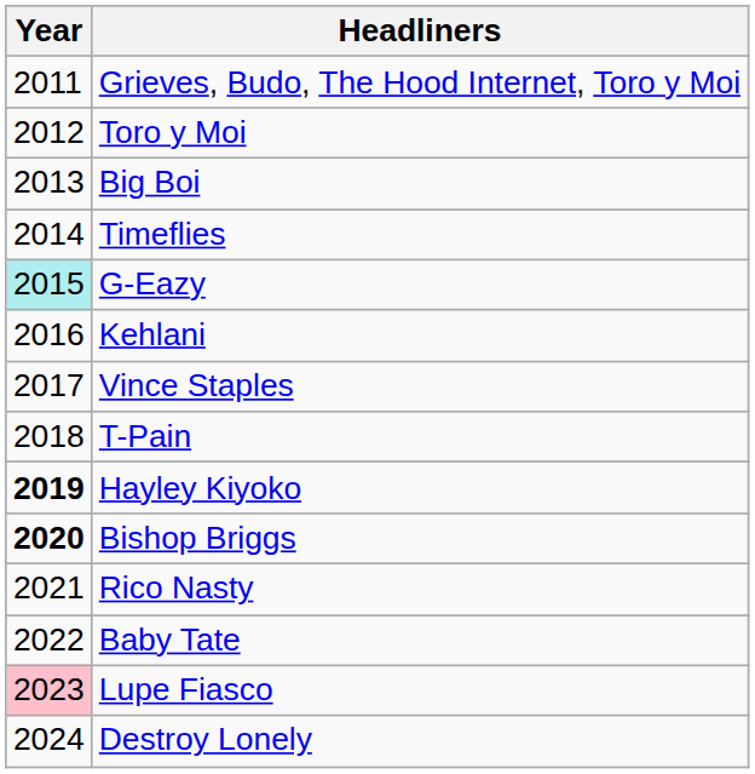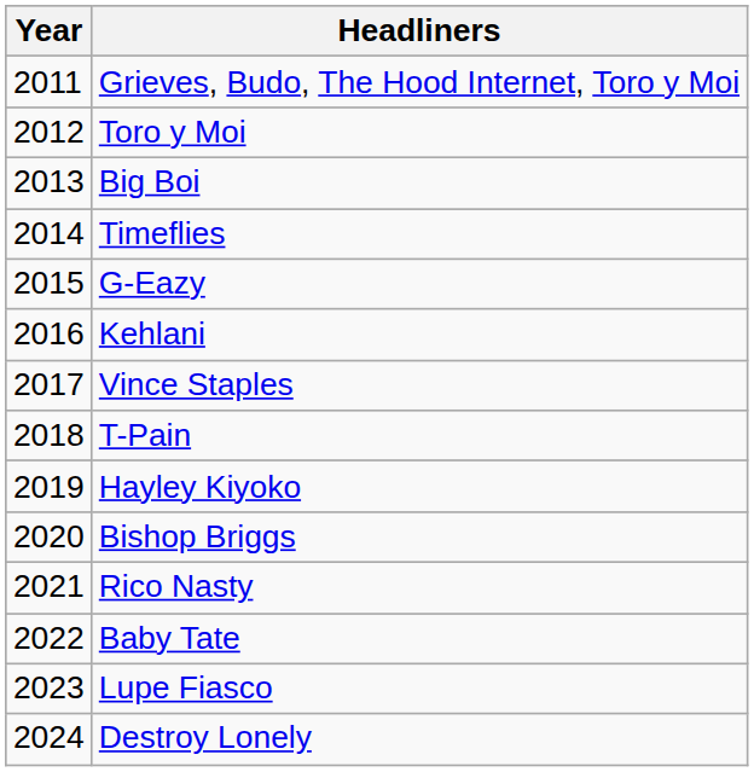 <table class="wikitable">
 <tr>
 <th>Year</th>
 <th>Headliners</th>
 </tr>
 <tr>
 <td>2011</td>
 <td><a href='#'>Grieves</a>, <a href='#'>Budo</a>, <a href='#'>The Hood Internet</a>, <a href='#'>Toro y Moi</a></td>
 </tr>
 <tr>
 <td>2012</td>
 <td><a href='#'>Toro y Moi</a></td>
 </tr>
 <tr>
 <td>2013</td>
 <td><a href='#'>Big Boi</a></td>
 </tr>
 <tr>
 <td>2014</td>
 <td><a href='#'>Timeflies</a></td>
 </tr>
 <tr>
-<td style="background: paleturquoise;">2015</td>
+<td>2015</td>
 <td><a href='#'>G-Eazy</a></td>
 </tr>
 <tr>
 <td>2016</td>
 <td><a href='#'>Kehlani</a></td>
 </tr>
 <tr>
 <td>2017</td>
 <td><a href='#'>Vince Staples</a></td>
 </tr>
 <tr>
 <td>2018</td>
 <td><a href='#'>T-Pain</a></td>
 </tr>
 <tr>
-<td><strong>2019</strong></td>
+<td>2019</td>
 <td><a href='#'>Hayley Kiyoko</a></td>
 </tr>
 <tr>
-<td><strong>2020</strong></td>
+<td>2020</td>
 <td><a href='#'>Bishop Briggs</a></td>
 </tr>
 <tr>
 <td>2021</td>
 <td><a href='#'>Rico Nasty</a></td>
 </tr>
 <tr>
 <td>2022</td>
 <td><a href='#'>Baby Tate</a></td>
 </tr>
 <tr>
-<td style="background: pink;">2023</td>
+<td>2023</td>
 <td><a href='#'>Lupe Fiasco</a></td>
 </tr>
 <tr>
 <td>2024</td>
 <td><a href='#'>Destroy Lonely</a></td>
 </tr>
 </table>
